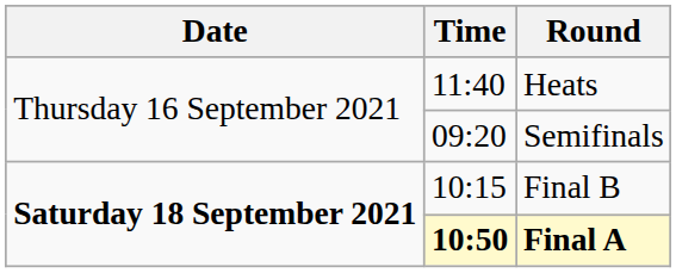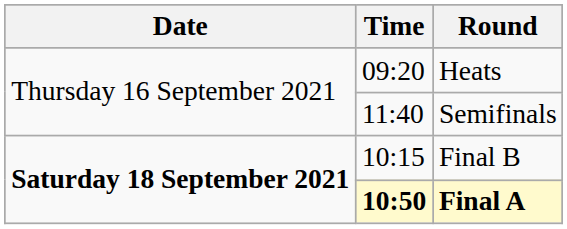 <table class="wikitable">
 <tr>
 <th>Date</th>
 <th>Time</th>
 <th>Round</th>
 </tr>
 <tr>
 <td rowspan=2>Thursday 16 September 2021</td>
-<td>11:40</td>
+<td>09:20</td>
 <td>Heats</td>
 </tr>
 <tr>
-<td>09:20</td>
+<td>11:40</td>
 <td>Semifinals</td>
 </tr>
 <tr>
 <td rowspan=2><strong>Saturday 18 September 2021</strong></td>
 <td>10:15</td>
 <td>Final B</td>
 </tr>
 <tr>
 <td style=background:lemonchiffon><strong>10:50</strong></td>
 <td style=background:lemonchiffon><strong>Final A</strong></td>
 </tr>
 </table>
